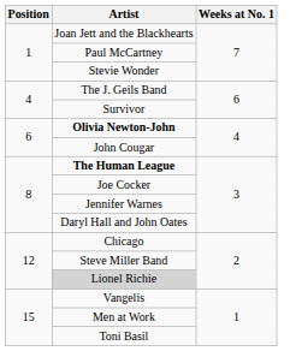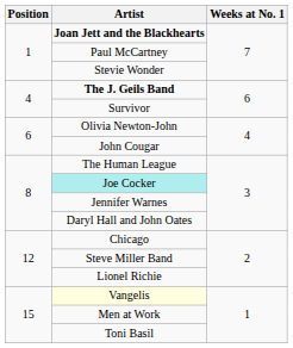 <table class="wikitable plainrowheaders" style="text-align:center;">
 <tr>
 <th>Position</th>
 <th>Artist</th>
 <th>Weeks at No. 1</th>
 </tr>
 <tr>
 <td rowspan=3>1</td>
-<td>Joan Jett and the Blackhearts</td>
+<td><strong>Joan Jett and the Blackhearts</strong></td>
 <td rowspan=3>7</td>
 </tr>
 <tr>
 <td>Paul McCartney</td>
 </tr>
 <tr>
 <td>Stevie Wonder</td>
 </tr>
 <tr>
 <td rowspan=2>4</td>
-<td>The J. Geils Band</td>
+<td><strong>The J. Geils Band</strong></td>
 <td rowspan=2>6</td>
 </tr>
 <tr>
 <td>Survivor</td>
 </tr>
 <tr>
 <td rowspan=2>6</td>
-<td><strong>Olivia Newton-John</strong></td>
+<td>Olivia Newton-John</td>
 <td rowspan=2>4</td>
 </tr>
 <tr>
 <td>John Cougar</td>
 </tr>
 <tr>
 <td rowspan=4>8</td>
-<td><strong>The Human League</strong></td>
+<td>The Human League</td>
 <td rowspan=4>3</td>
 </tr>
 <tr>
-<td>Joe Cocker</td>
+<td style="background: paleturquoise;">Joe Cocker</td>
 </tr>
 <tr>
 <td>Jennifer Warnes</td>
 </tr>
 <tr>
 <td>Daryl Hall and John Oates</td>
 </tr>
 <tr>
 <td rowspan=3>12</td>
 <td>Chicago</td>
 <td rowspan=3>2</td>
 </tr>
 <tr>
 <td>Steve Miller Band</td>
 </tr>
 <tr>
-<td style="background: lightgrey;">Lionel Richie</td>
+<td>Lionel Richie</td>
 </tr>
 <tr>
 <td rowspan=3>15</td>
-<td>Vangelis</td>
+<td style="background: lightyellow;">Vangelis</td>
 <td rowspan=3>1</td>
 </tr>
 <tr>
 <td>Men at Work</td>
 </tr>
 <tr>
 <td>Toni Basil</td>
 </tr>
 </table>
